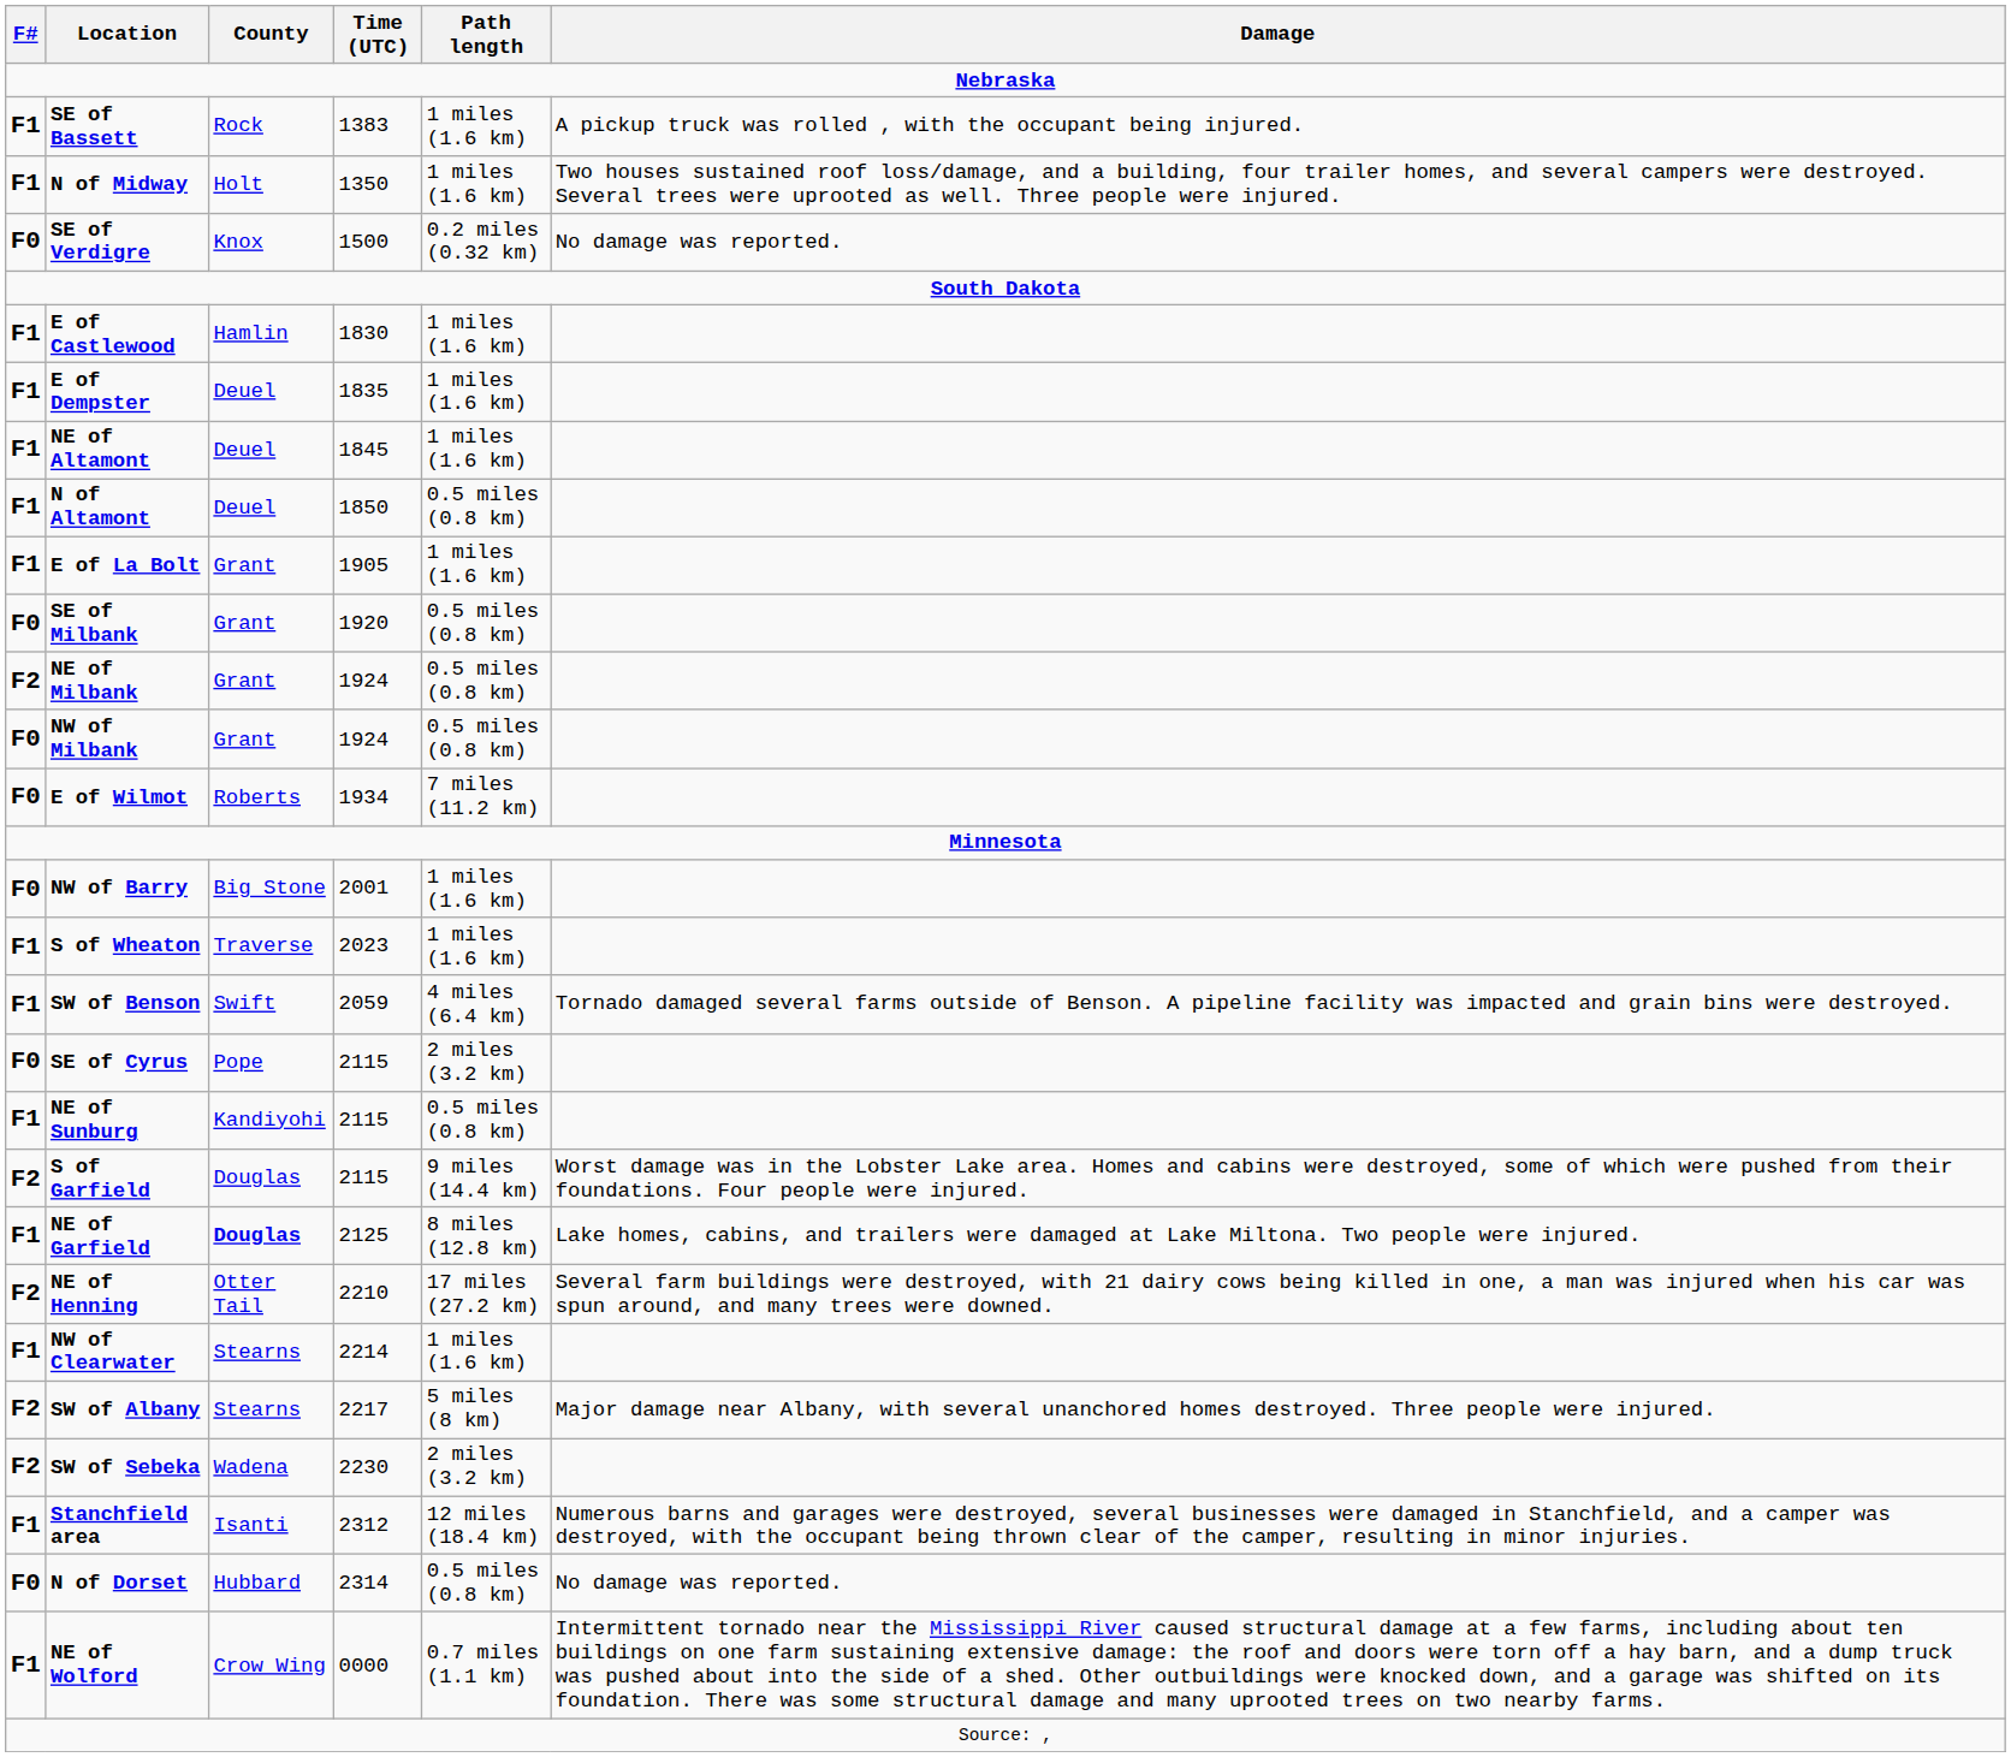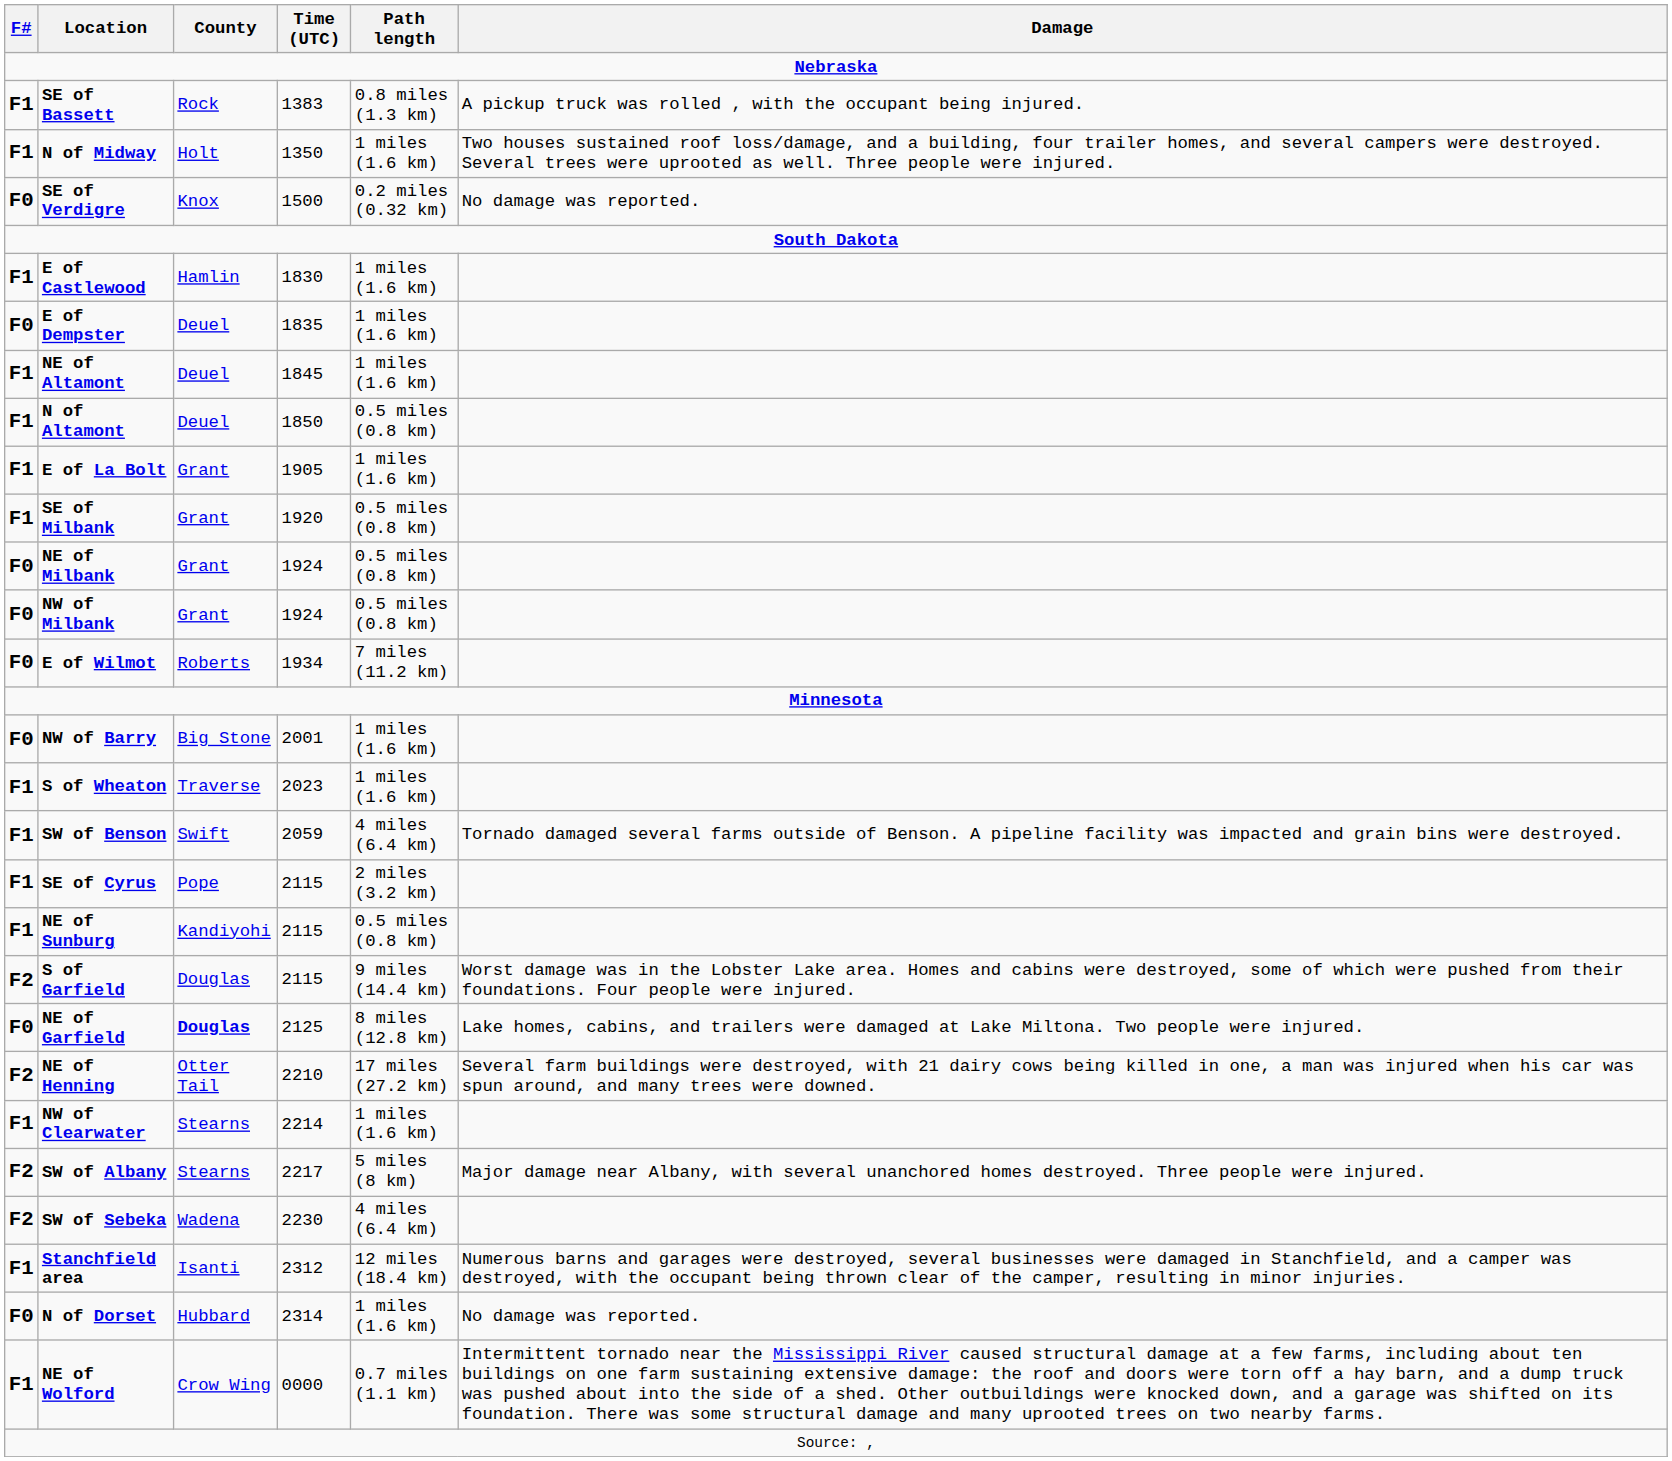 <table class="wikitable">
 <tr>
 <th><strong><a href='#'>F#</a></strong></th>
 <th><strong>Location</strong></th>
 <th><strong>County</strong></th>
 <th><strong>Time (UTC)</strong></th>
 <th><strong>Path length</strong></th>
 <th><strong>Damage</strong></th>
 </tr>
 <tr>
 <td colspan="7" align=center><strong><a href='#'>Nebraska</a></strong></td>
 </tr>
 <tr>
 <td><big><strong>F1</strong></big></td>
 <td><strong>SE of <a href='#'>Bassett</a></strong></td>
 <td><a href='#'>Rock</a></td>
 <td>1383</td>
-<td>1 miles <br>(1.6 km)</td>
+<td>0.8 miles <br>(1.3 km)</td>
 <td>A pickup truck was rolled , with the occupant being injured.</td>
 </tr>
 <tr>
 <td><big><strong>F1</strong></big></td>
 <td><strong>N of <a href='#'>Midway</a></strong></td>
 <td><a href='#'>Holt</a></td>
 <td>1350</td>
 <td>1 miles <br>(1.6 km)</td>
 <td>Two houses sustained roof loss/damage, and a building, four trailer homes, and several campers were destroyed. Several trees were uprooted as well. Three people were injured.</td>
 </tr>
 <tr>
 <td><big><strong>F0</strong></big></td>
 <td><strong>SE of <a href='#'>Verdigre</a></strong></td>
 <td><a href='#'>Knox</a></td>
 <td>1500</td>
 <td>0.2 miles <br>(0.32 km)</td>
 <td>No damage was reported.</td>
 </tr>
 <tr>
 <td colspan="7" align=center><strong><a href='#'>South Dakota</a></strong></td>
 </tr>
 <tr>
 <td><big><strong>F1</strong></big></td>
 <td><strong>E of <a href='#'>Castlewood</a></strong></td>
 <td><a href='#'>Hamlin</a></td>
 <td>1830</td>
 <td>1 miles <br>(1.6 km)</td>
 <td></td>
 </tr>
 <tr>
-<td><big><strong>F1</strong></big></td>
+<td><big><strong>F0</strong></big></td>
 <td><strong>E of <a href='#'>Dempster</a></strong></td>
 <td><a href='#'>Deuel</a></td>
 <td>1835</td>
 <td>1 miles <br>(1.6 km)</td>
 <td></td>
 </tr>
 <tr>
 <td><big><strong>F1</strong></big></td>
 <td><strong>NE of <a href='#'>Altamont</a></strong></td>
 <td><a href='#'>Deuel</a></td>
 <td>1845</td>
 <td>1 miles <br>(1.6 km)</td>
 <td></td>
 </tr>
 <tr>
 <td><big><strong>F1</strong></big></td>
 <td><strong>N of <a href='#'>Altamont</a></strong></td>
 <td><a href='#'>Deuel</a></td>
 <td>1850</td>
 <td>0.5 miles <br>(0.8 km)</td>
 <td></td>
 </tr>
 <tr>
 <td><big><strong>F1</strong></big></td>
 <td><strong>E of <a href='#'>La Bolt</a></strong></td>
 <td><a href='#'>Grant</a></td>
 <td>1905</td>
 <td>1 miles <br>(1.6 km)</td>
 <td></td>
 </tr>
 <tr>
-<td><big><strong>F0</strong></big></td>
+<td><big><strong>F1</strong></big></td>
 <td><strong>SE of <a href='#'>Milbank</a></strong></td>
 <td><a href='#'>Grant</a></td>
 <td>1920</td>
 <td>0.5 miles <br>(0.8 km)</td>
 <td></td>
 </tr>
 <tr>
-<td><big><strong>F2</strong></big></td>
+<td><big><strong>F0</strong></big></td>
 <td><strong>NE of <a href='#'>Milbank</a></strong></td>
 <td><a href='#'>Grant</a></td>
 <td>1924</td>
 <td>0.5 miles <br>(0.8 km)</td>
 <td></td>
 </tr>
 <tr>
 <td><big><strong>F0</strong></big></td>
 <td><strong>NW of <a href='#'>Milbank</a></strong></td>
 <td><a href='#'>Grant</a></td>
 <td>1924</td>
 <td>0.5 miles <br>(0.8 km)</td>
 <td></td>
 </tr>
 <tr>
 <td><big><strong>F0</strong></big></td>
 <td><strong>E of <a href='#'>Wilmot</a></strong></td>
 <td><a href='#'>Roberts</a></td>
 <td>1934</td>
 <td>7 miles <br>(11.2 km)</td>
 <td></td>
 </tr>
 <tr>
 <td colspan="7" align=center><strong><a href='#'>Minnesota</a></strong></td>
 </tr>
 <tr>
 <td><big><strong>F0</strong></big></td>
 <td><strong>NW of <a href='#'>Barry</a></strong></td>
 <td><a href='#'>Big Stone</a></td>
 <td>2001</td>
 <td>1 miles <br>(1.6 km)</td>
 <td></td>
 </tr>
 <tr>
 <td><big><strong>F1</strong></big></td>
 <td><strong>S of <a href='#'>Wheaton</a></strong></td>
 <td><a href='#'>Traverse</a></td>
 <td>2023</td>
 <td>1 miles <br>(1.6 km)</td>
 <td></td>
 </tr>
 <tr>
 <td><big><strong>F1</strong></big></td>
 <td><strong>SW of <a href='#'>Benson</a></strong></td>
 <td><a href='#'>Swift</a></td>
 <td>2059</td>
 <td>4 miles <br>(6.4 km)</td>
 <td>Tornado damaged several farms outside of Benson. A pipeline facility was impacted and grain bins were destroyed.</td>
 </tr>
 <tr>
-<td><big><strong>F0</strong></big></td>
+<td><big><strong>F1</strong></big></td>
 <td><strong>SE of <a href='#'>Cyrus</a></strong></td>
 <td><a href='#'>Pope</a></td>
 <td>2115</td>
 <td>2 miles <br>(3.2 km)</td>
 <td></td>
 </tr>
 <tr>
 <td><big><strong>F1</strong></big></td>
 <td><strong>NE of <a href='#'>Sunburg</a></strong></td>
 <td><a href='#'>Kandiyohi</a></td>
 <td>2115</td>
 <td>0.5 miles <br>(0.8 km)</td>
 <td></td>
 </tr>
 <tr>
 <td><big><strong>F2</strong></big></td>
 <td><strong>S of <a href='#'>Garfield</a></strong></td>
 <td><a href='#'>Douglas</a></td>
 <td>2115</td>
 <td>9 miles <br>(14.4 km)</td>
 <td>Worst damage was in the Lobster Lake area. Homes and cabins were destroyed, some of which were pushed from their foundations. Four people were injured.</td>
 </tr>
 <tr>
-<td><big><strong>F1</strong></big></td>
+<td><big><strong>F0</strong></big></td>
 <td><strong>NE of <a href='#'>Garfield</a></strong></td>
 <td><strong><a href='#'>Douglas</a></strong></td>
 <td>2125</td>
 <td>8 miles <br>(12.8 km)</td>
 <td>Lake homes, cabins, and trailers were damaged at Lake Miltona. Two people were injured.</td>
 </tr>
 <tr>
 <td><big><strong>F2</strong></big></td>
 <td><strong>NE of <a href='#'>Henning</a></strong></td>
 <td><a href='#'>Otter Tail</a></td>
 <td>2210</td>
 <td>17 miles <br>(27.2 km)</td>
 <td>Several farm buildings were destroyed, with 21 dairy cows being killed in one, a man was injured when his car was spun around, and many trees were downed.</td>
 </tr>
 <tr>
 <td><big><strong>F1</strong></big></td>
 <td><strong>NW of <a href='#'>Clearwater</a></strong></td>
 <td><a href='#'>Stearns</a></td>
 <td>2214</td>
 <td>1 miles <br>(1.6 km)</td>
 <td></td>
 </tr>
 <tr>
 <td><big><strong>F2</strong></big></td>
 <td><strong>SW of <a href='#'>Albany</a></strong></td>
 <td><a href='#'>Stearns</a></td>
 <td>2217</td>
 <td>5 miles <br>(8 km)</td>
 <td>Major damage near Albany, with several unanchored homes destroyed. Three people were injured.</td>
 </tr>
 <tr>
 <td><big><strong>F2</strong></big></td>
 <td><strong>SW of <a href='#'>Sebeka</a></strong></td>
 <td><a href='#'>Wadena</a></td>
 <td>2230</td>
-<td>2 miles <br>(3.2 km)</td>
+<td>4 miles <br>(6.4 km)</td>
 <td></td>
 </tr>
 <tr>
 <td><big><strong>F1</strong></big></td>
 <td><strong><a href='#'>Stanchfield</a> area</strong></td>
 <td><a href='#'>Isanti</a></td>
 <td>2312</td>
 <td>12 miles <br>(18.4 km)</td>
 <td>Numerous barns and garages were destroyed, several businesses were damaged in Stanchfield, and a camper was destroyed, with the occupant being thrown clear of the camper, resulting in minor injuries.</td>
 </tr>
 <tr>
 <td><big><strong>F0</strong></big></td>
 <td><strong>N of <a href='#'>Dorset</a></strong></td>
 <td><a href='#'>Hubbard</a></td>
 <td>2314</td>
-<td>0.5 miles <br>(0.8 km)</td>
+<td>1 miles <br>(1.6 km)</td>
 <td>No damage was reported.</td>
 </tr>
 <tr>
 <td><big><strong>F1</strong></big></td>
 <td><strong>NE of <a href='#'>Wolford</a></strong></td>
 <td><a href='#'>Crow Wing</a></td>
 <td>0000</td>
 <td>0.7 miles <br>(1.1 km)</td>
 <td>Intermittent tornado near the <a href='#'>Mississippi River</a> caused structural damage at a few farms, including about ten buildings on one farm sustaining extensive damage: the roof and doors were torn off a hay barn, and a dump truck was pushed about  into the side of a shed. Other outbuildings were knocked down, and a garage was shifted on its foundation. There was some structural damage and many uprooted trees on two nearby farms.</td>
 </tr>
 <tr>
 <td colspan="7" align=center><small>Source: , </small></td>
 </tr>
 <tr>
 </tr>
 </table>
